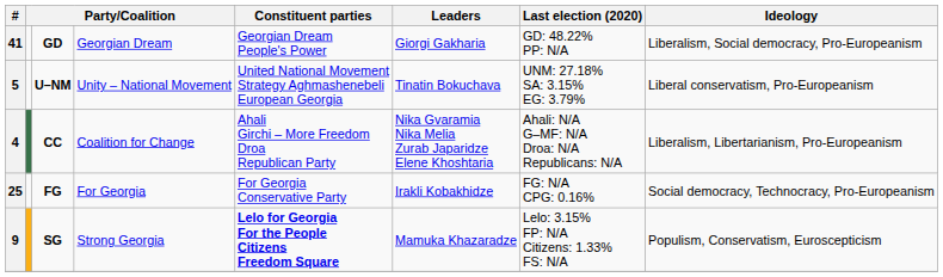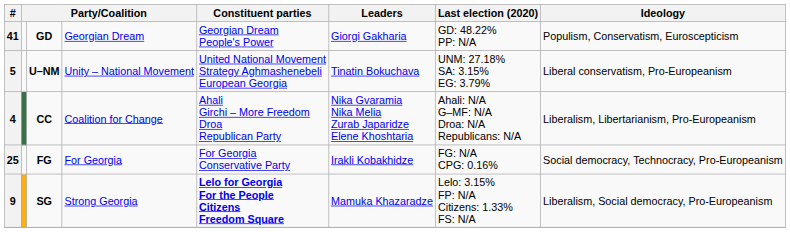 <table class="wikitable mw-datatable sticky-header" style="font-size:95%;">
 <tr>
 <th>#</th>
 <th colspan="3">Party/Coalition</th>
 <th>Constituent parties</th>
 <th>Leaders</th>
 <th>Last election (2020)</th>
 <th>Ideology</th>
 </tr>
 <tr>
 <th>41</th>
 <td style="background:"></td>
 <td style="text-align:center;"><strong>GD</strong></td>
 <td><a href='#'>Georgian Dream</a></td>
 <td><a href='#'>Georgian Dream</a><br><a href='#'>People's Power</a></td>
 <td><a href='#'>Giorgi Gakharia</a></td>
 <td>GD: 48.22%<br>PP: N/A</td>
-<td>Liberalism, Social democracy, Pro-Europeanism</td>
+<td>Populism, Conservatism, Euroscepticism</td>
 </tr>
 <tr>
 <th>5</th>
 <td style="background:"></td>
 <td style="text-align:center;"><strong>U–NM</strong></td>
 <td><a href='#'>Unity – National Movement</a></td>
 <td><a href='#'>United National Movement</a><br><a href='#'>Strategy Aghmashenebeli</a><br><a href='#'>European Georgia</a></td>
 <td><a href='#'>Tinatin Bokuchava</a></td>
 <td>UNM: 27.18%<br>SA: 3.15%<br>EG: 3.79%</td>
 <td>Liberal conservatism, Pro-Europeanism</td>
 </tr>
 <tr>
 <th>4</th>
 <td style="background:#377149;"></td>
 <td style="text-align:center;"><strong>CC</strong></td>
 <td><a href='#'>Coalition for Change</a></td>
 <td><a href='#'>Ahali</a><br><a href='#'>Girchi – More Freedom</a><br><a href='#'>Droa</a><br><a href='#'>Republican Party</a></td>
 <td><a href='#'>Nika Gvaramia</a><br><a href='#'>Nika Melia</a><br><a href='#'>Zurab Japaridze</a><br><a href='#'>Elene Khoshtaria</a></td>
 <td>Ahali: N/A<br>G–MF: N/A<br>Droa: N/A<br>Republicans: N/A</td>
 <td>Liberalism, Libertarianism, Pro-Europeanism</td>
 </tr>
 <tr>
 <th>25</th>
 <td style="background:"></td>
 <td style="text-align:center;"><strong>FG</strong></td>
 <td><a href='#'>For Georgia</a></td>
 <td><a href='#'>For Georgia</a><br><a href='#'>Conservative Party</a></td>
 <td><a href='#'>Irakli Kobakhidze</a></td>
 <td>FG: N/A<br>CPG: 0.16%</td>
 <td>Social democracy, Technocracy, Pro-Europeanism</td>
 </tr>
 <tr>
 <th>9</th>
 <td style="background:#FCAF12;"></td>
 <td style="text-align:center;"><strong>SG</strong></td>
 <td><a href='#'>Strong Georgia</a></td>
 <td><strong><a href='#'>Lelo for Georgia</a><br><a href='#'>For the People</a><br><a href='#'>Citizens</a><br><a href='#'>Freedom Square</a></strong></td>
 <td><a href='#'>Mamuka Khazaradze</a></td>
 <td>Lelo: 3.15%<br>FP: N/A<br>Citizens: 1.33%<br>FS: N/A</td>
-<td>Populism, Conservatism, Euroscepticism</td>
+<td>Liberalism, Social democracy, Pro-Europeanism</td>
 </tr>
 <tr>
 </tr>
 </table>
